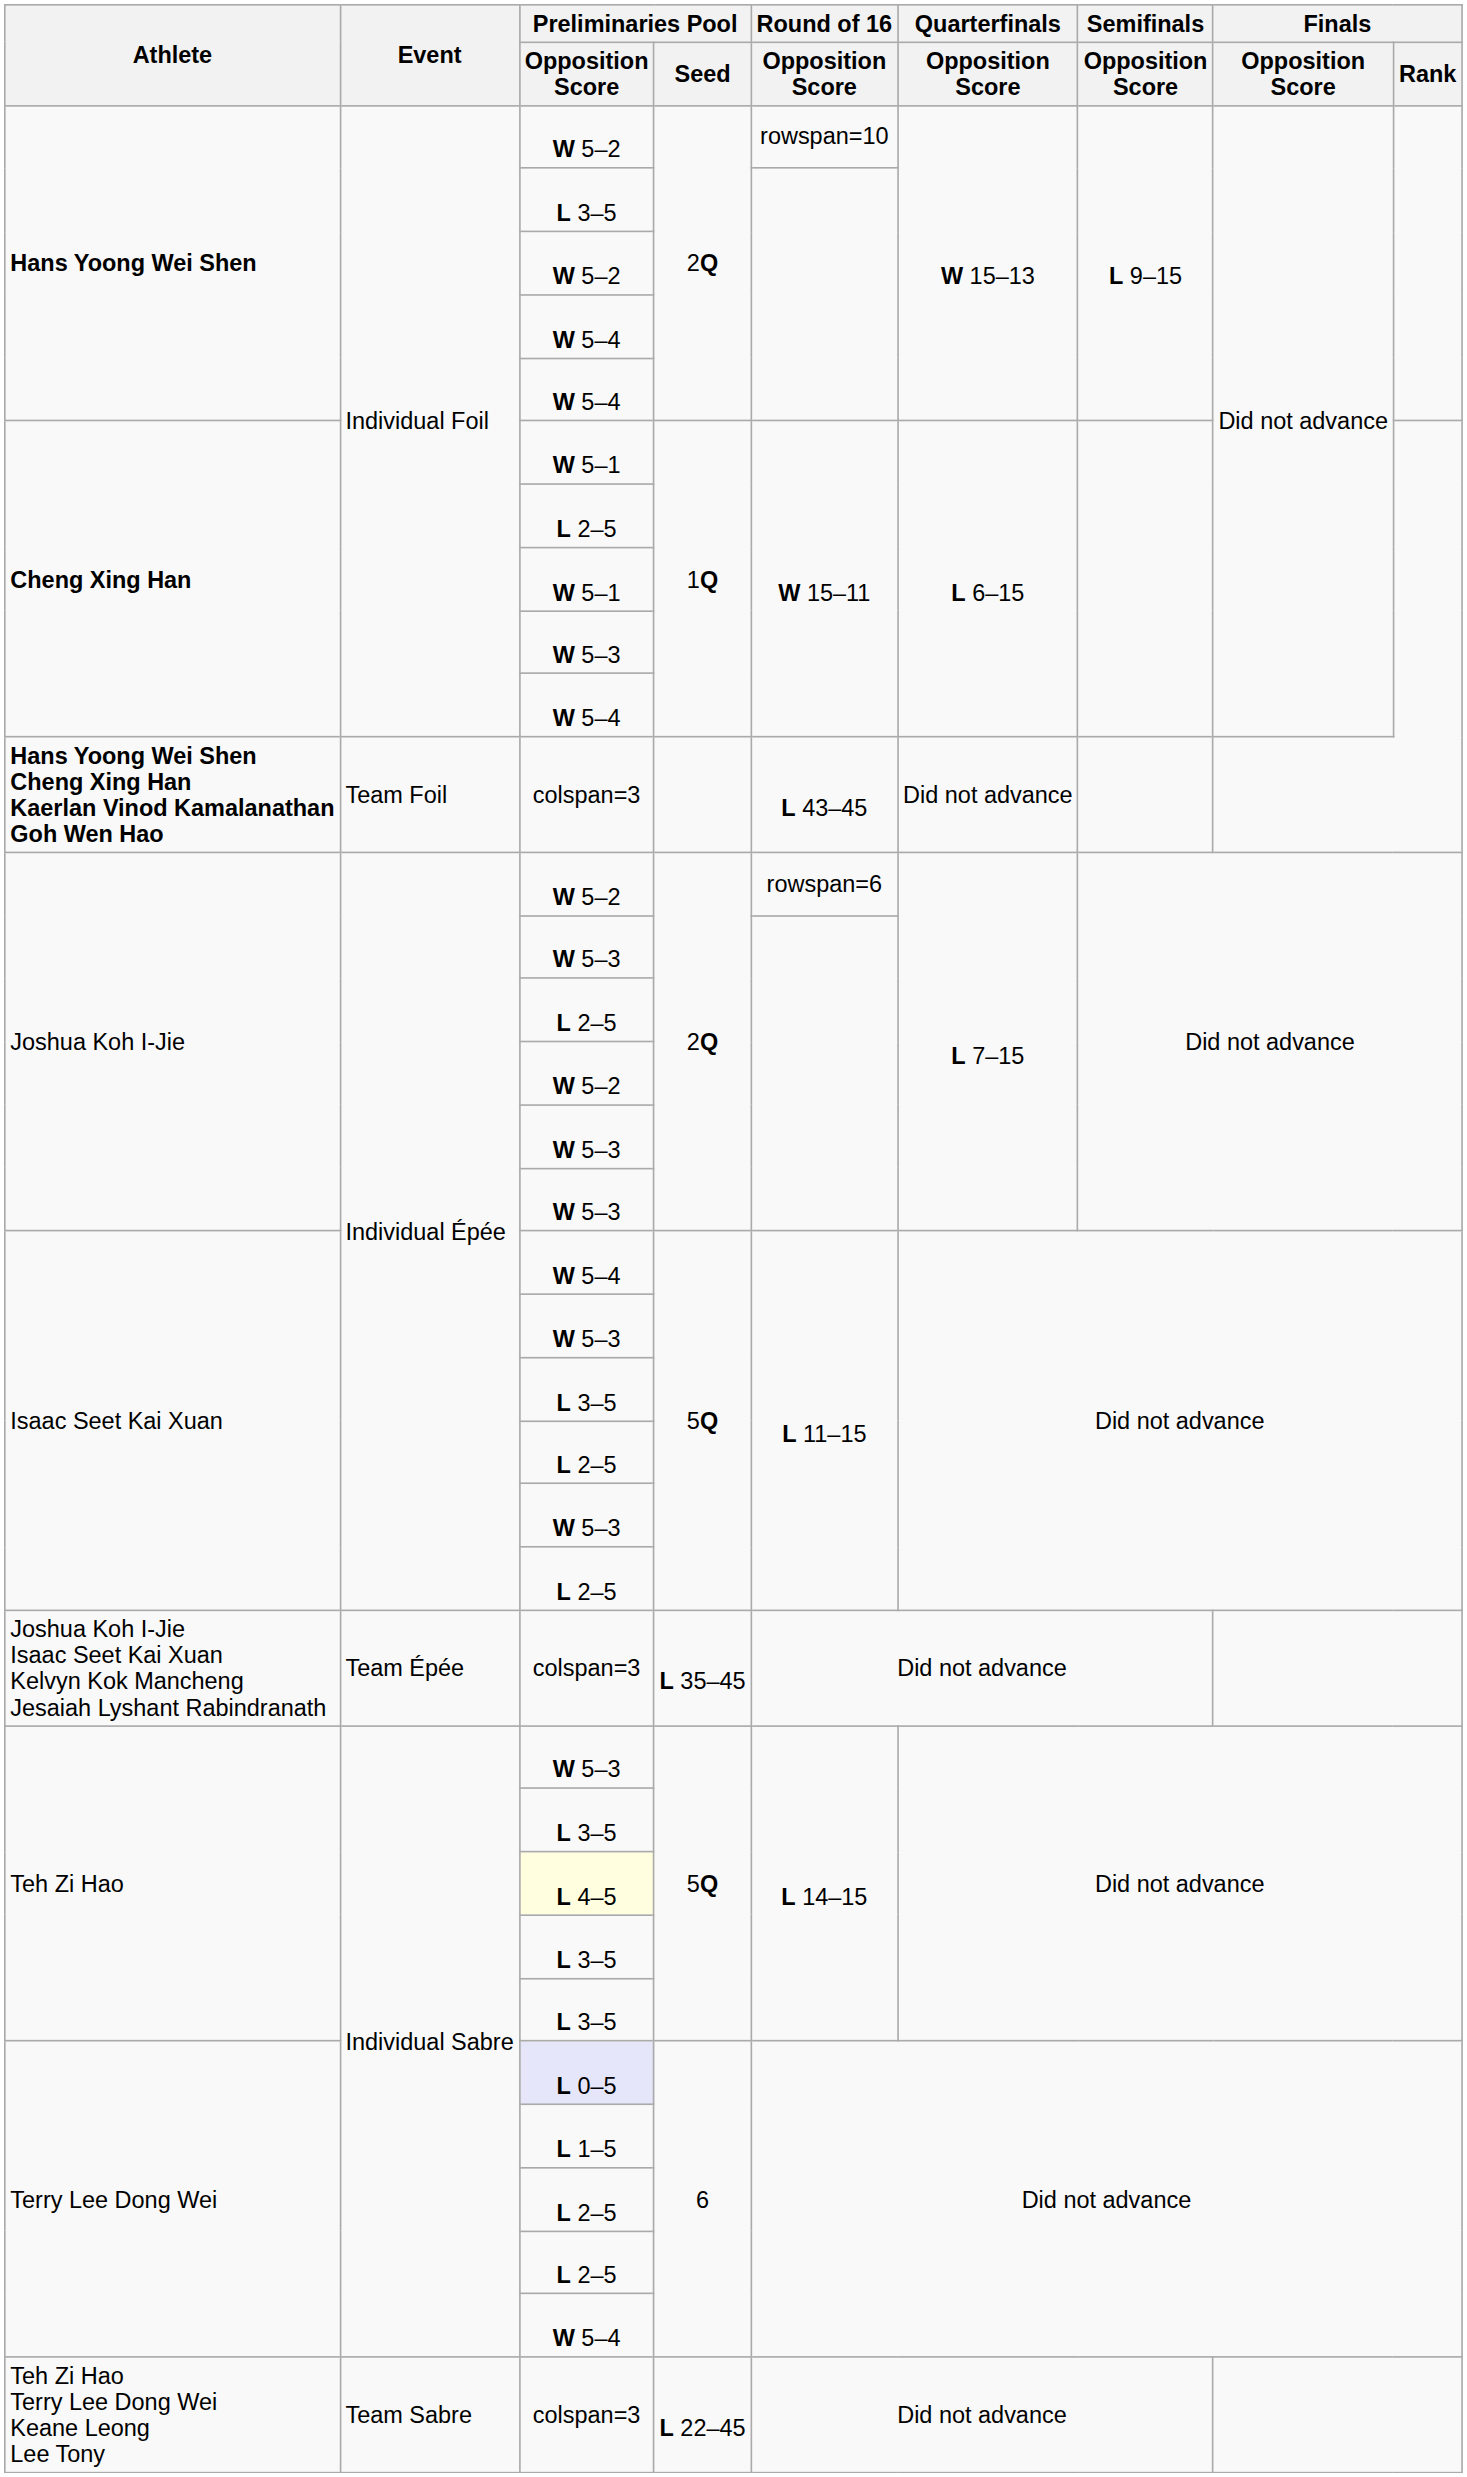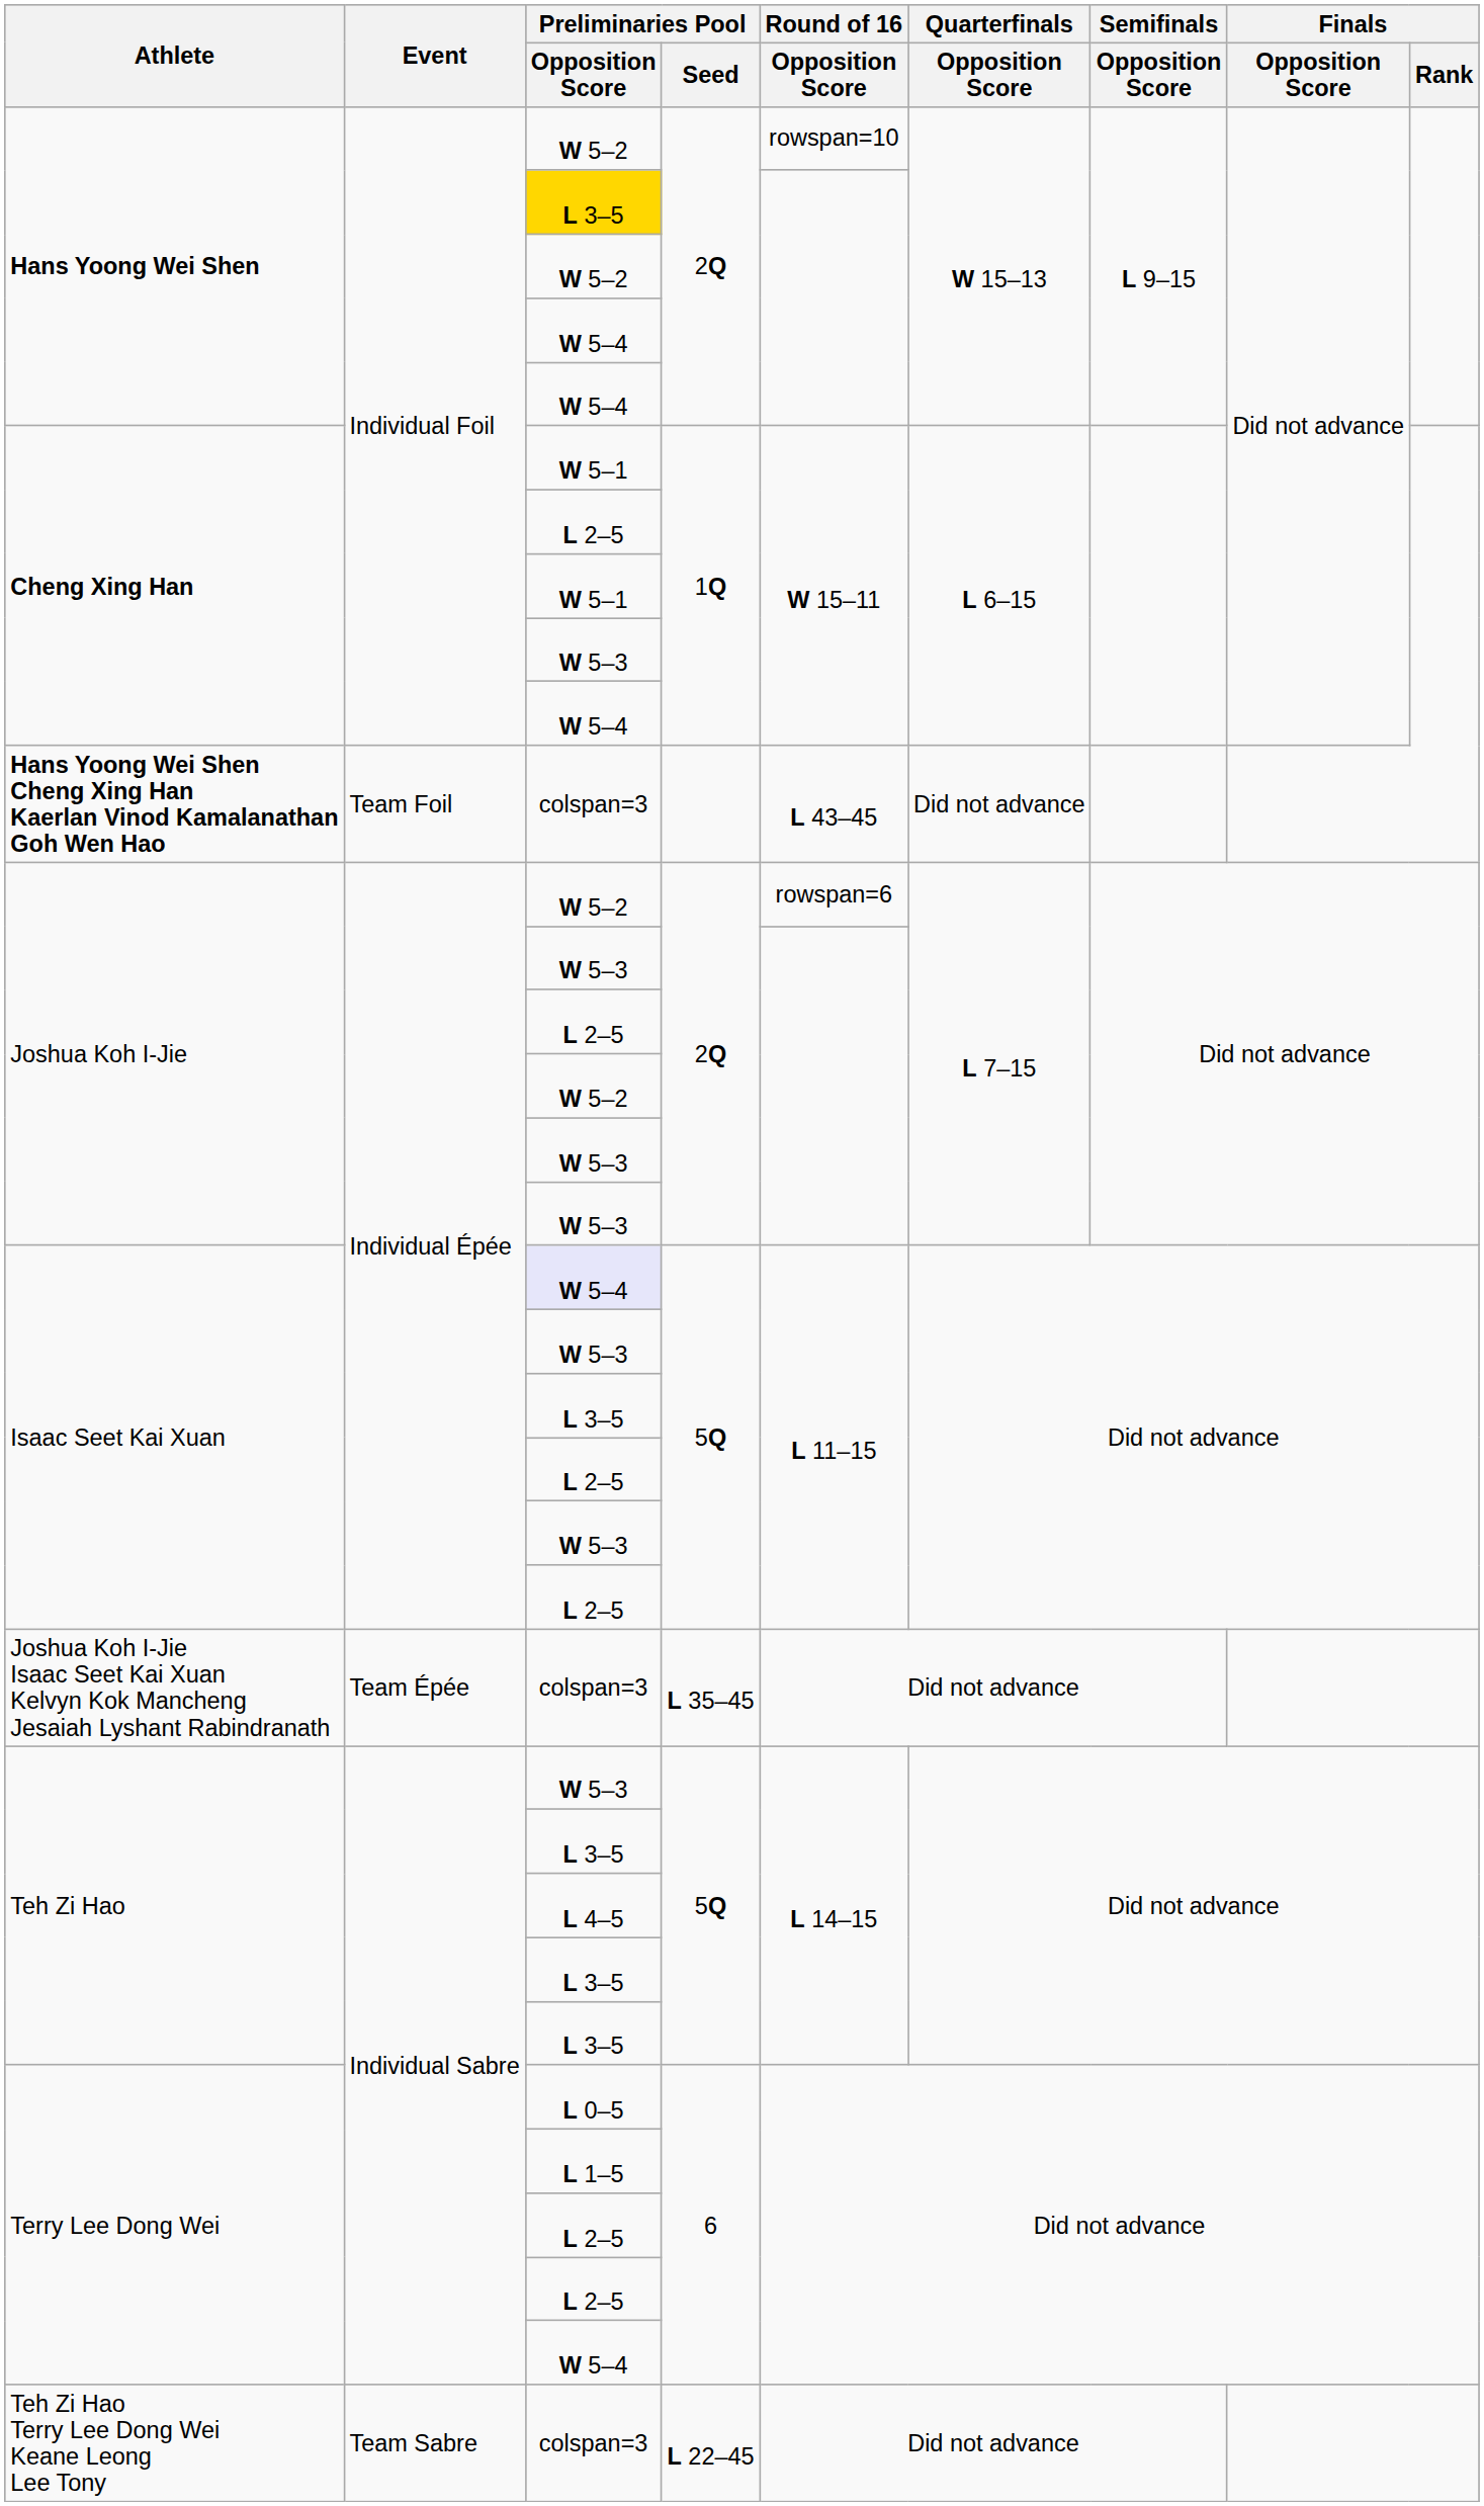 <table class="wikitable" style="font-size:90%">
 <tr>
 <th rowspan="2">Athlete</th>
 <th rowspan="2">Event</th>
 <th colspan="2">Preliminaries Pool</th>
 <th>Round of 16</th>
 <th>Quarterfinals</th>
 <th>Semifinals</th>
 <th colspan="2">Finals</th>
 </tr>
 <tr>
 <th>Opposition<br>Score</th>
 <th>Seed</th>
 <th>Opposition<br>Score</th>
 <th>Opposition<br>Score</th>
 <th>Opposition<br>Score</th>
 <th>Opposition<br>Score</th>
 <th>Rank</th>
 </tr>
 <tr align="center">
 <td rowspan=5 align="left"><strong>Hans Yoong Wei Shen</strong></td>
 <td rowspan=10 align="left">Individual Foil</td>
 <td><br><strong>W</strong> 5–2</td>
 <td rowspan=5>2<strong>Q</strong></td>
 <td>rowspan=10 </td>
 <td rowspan=5><br><strong>W</strong> 15–13</td>
 <td rowspan=5><br><strong>L</strong> 9–15</td>
 <td rowspan=10>Did not advance</td>
 <td rowspan=5></td>
 </tr>
 <tr align="center">
-<td><br><strong>L</strong> 3–5</td>
+<td style="background: gold;"><br><strong>L</strong> 3–5</td>
 </tr>
 <tr align="center">
 <td><br><strong>W</strong> 5–2</td>
 </tr>
 <tr align="center">
 <td><br><strong>W</strong> 5–4</td>
 </tr>
 <tr align="center">
 <td><br><strong>W</strong> 5–4</td>
 </tr>
 <tr align="center">
 <td rowspan=5 align="left"><strong>Cheng Xing Han</strong></td>
 <td><br><strong>W</strong> 5–1</td>
 <td rowspan=5>1<strong>Q</strong></td>
 <td rowspan=5><br><strong>W</strong> 15–11</td>
 <td rowspan=5><br><strong>L</strong> 6–15</td>
 <td rowspan=5></td>
 </tr>
 <tr align="center">
 <td><br><strong>L</strong> 2–5</td>
 </tr>
 <tr align="center">
 <td><br><strong>W</strong> 5–1</td>
 </tr>
 <tr align="center">
 <td><br><strong>W</strong> 5–3</td>
 </tr>
 <tr align="center">
 <td><br><strong>W</strong> 5–4</td>
 </tr>
 <tr align="center">
 <td align="left"><strong>Hans Yoong Wei Shen<br>Cheng Xing Han<br>Kaerlan Vinod Kamalanathan<br>Goh Wen Hao</strong></td>
 <td align="left">Team Foil</td>
 <td>colspan=3 </td>
 <td></td>
 <td><br><strong>L</strong> 43–45</td>
 <td>Did not advance</td>
 <td></td>
 </tr>
 <tr align="center">
 <td rowspan=6 align="left">Joshua Koh I-Jie</td>
 <td rowspan=12 align="left">Individual Épée</td>
 <td><br><strong>W</strong> 5–2</td>
 <td rowspan=6>2<strong>Q</strong></td>
 <td>rowspan=6 </td>
 <td rowspan=6><br><strong>L</strong> 7–15</td>
 <td colspan=3 rowspan=6>Did not advance</td>
 </tr>
 <tr align="center">
 <td><br><strong>W</strong> 5–3</td>
 </tr>
 <tr align="center">
 <td><br><strong>L</strong> 2–5</td>
 </tr>
 <tr align="center">
 <td><br><strong>W</strong> 5–2</td>
 </tr>
 <tr align="center">
 <td><br><strong>W</strong> 5–3</td>
 </tr>
 <tr align="center">
 <td><br><strong>W</strong> 5–3</td>
 </tr>
 <tr align="center">
 <td rowspan=6 align="left">Isaac Seet Kai Xuan</td>
-<td><br><strong>W</strong> 5–4</td>
+<td style="background: lavender;"><br><strong>W</strong> 5–4</td>
 <td rowspan=6>5<strong>Q</strong></td>
 <td rowspan=6><br><strong>L</strong> 11–15</td>
 <td rowspan=6 colspan=4>Did not advance</td>
 </tr>
 <tr align="center">
 <td><br><strong>W</strong> 5–3</td>
 </tr>
 <tr align="center">
 <td><br><strong>L</strong> 3–5</td>
 </tr>
 <tr align="center">
 <td><br><strong>L</strong> 2–5</td>
 </tr>
 <tr align="center">
 <td><br><strong>W</strong> 5–3</td>
 </tr>
 <tr align="center">
 <td><br><strong>L</strong> 2–5</td>
 </tr>
 <tr align="center">
 <td align="left">Joshua Koh I-Jie<br>Isaac Seet Kai Xuan<br>Kelvyn Kok Mancheng<br>Jesaiah Lyshant Rabindranath</td>
 <td align="left">Team Épée</td>
 <td>colspan=3 </td>
 <td><br><strong>L</strong> 35–45</td>
 <td colspan=3>Did not advance</td>
 </tr>
 <tr align="center">
 <td rowspan=5 align="left">Teh Zi Hao</td>
 <td rowspan=10 align="left">Individual Sabre</td>
 <td><br><strong>W</strong> 5–3</td>
 <td rowspan=5>5<strong>Q</strong></td>
 <td rowspan=5><br><strong>L</strong> 14–15</td>
 <td rowspan=5 colspan=4>Did not advance</td>
 </tr>
 <tr align="center">
 <td><br><strong>L</strong> 3–5</td>
 </tr>
 <tr align="center">
-<td style="background: lightyellow;"><br><strong>L</strong> 4–5</td>
+<td><br><strong>L</strong> 4–5</td>
 </tr>
 <tr align="center">
 <td><br><strong>L</strong> 3–5</td>
 </tr>
 <tr align="center">
 <td><br><strong>L</strong> 3–5</td>
 </tr>
 <tr align="center">
 <td rowspan=5 align="left">Terry Lee Dong Wei</td>
-<td style="background: lavender;"><br><strong>L</strong> 0–5</td>
+<td><br><strong>L</strong> 0–5</td>
 <td rowspan=5>6</td>
 <td rowspan=5 colspan=5>Did not advance</td>
 </tr>
 <tr align="center">
 <td><br><strong>L</strong> 1–5</td>
 </tr>
 <tr align="center">
 <td><br><strong>L</strong> 2–5</td>
 </tr>
 <tr align="center">
 <td><br><strong>L</strong> 2–5</td>
 </tr>
 <tr align="center">
 <td><br><strong>W</strong> 5–4</td>
 </tr>
 <tr align="center">
 <td align="left">Teh Zi Hao<br>Terry Lee Dong Wei<br>Keane Leong<br>Lee Tony</td>
 <td align="left">Team Sabre</td>
 <td>colspan=3 </td>
 <td><br><strong>L</strong> 22–45</td>
 <td colspan=3>Did not advance</td>
 </tr>
 </table>
